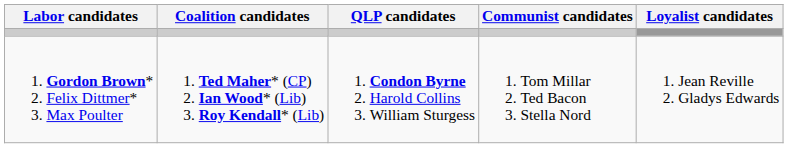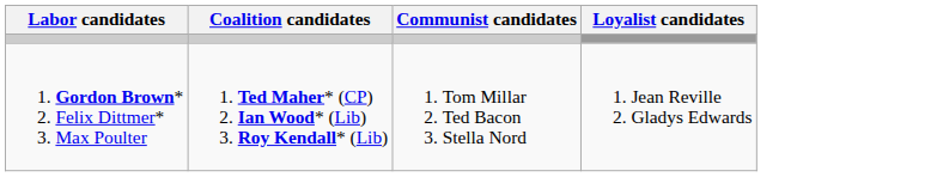 <table class="wikitable">
 <tr>
 <th><a href='#'>Labor</a> candidates</th>
 <th><a href='#'>Coalition</a> candidates</th>
-<th><a href='#'>QLP</a> candidates</th>
 <th><a href='#'>Communist</a> candidates</th>
 <th><a href='#'>Loyalist</a> candidates</th>
 </tr>
 <tr bgcolor="#cccccc">
-<td></td>
 <td></td>
 <td></td>
 <td></td>
 <td bgcolor="#999999"></td>
 </tr>
 <tr>
 <td><br><ol><li><strong><a href='#'>Gordon Brown</a></strong>*</li><li><a href='#'>Felix Dittmer</a>*</li><li><a href='#'>Max Poulter</a></li></ol></td>
 <td><br><ol><li><strong><a href='#'>Ted Maher</a></strong>* (<a href='#'>CP</a>)</li><li><strong><a href='#'>Ian Wood</a></strong>* (<a href='#'>Lib</a>)</li><li><strong><a href='#'>Roy Kendall</a></strong>* (<a href='#'>Lib</a>)</li></ol></td>
-<td valign=top><br><ol><li><strong><a href='#'>Condon Byrne</a></strong></li><li><a href='#'>Harold Collins</a></li><li>William Sturgess</li></ol></td>
 <td valign=top><br><ol><li>Tom Millar</li><li>Ted Bacon</li><li>Stella Nord</li></ol></td>
 <td valign=top><br><ol><li>Jean Reville</li><li>Gladys Edwards</li></ol></td>
 </tr>
 </table>
